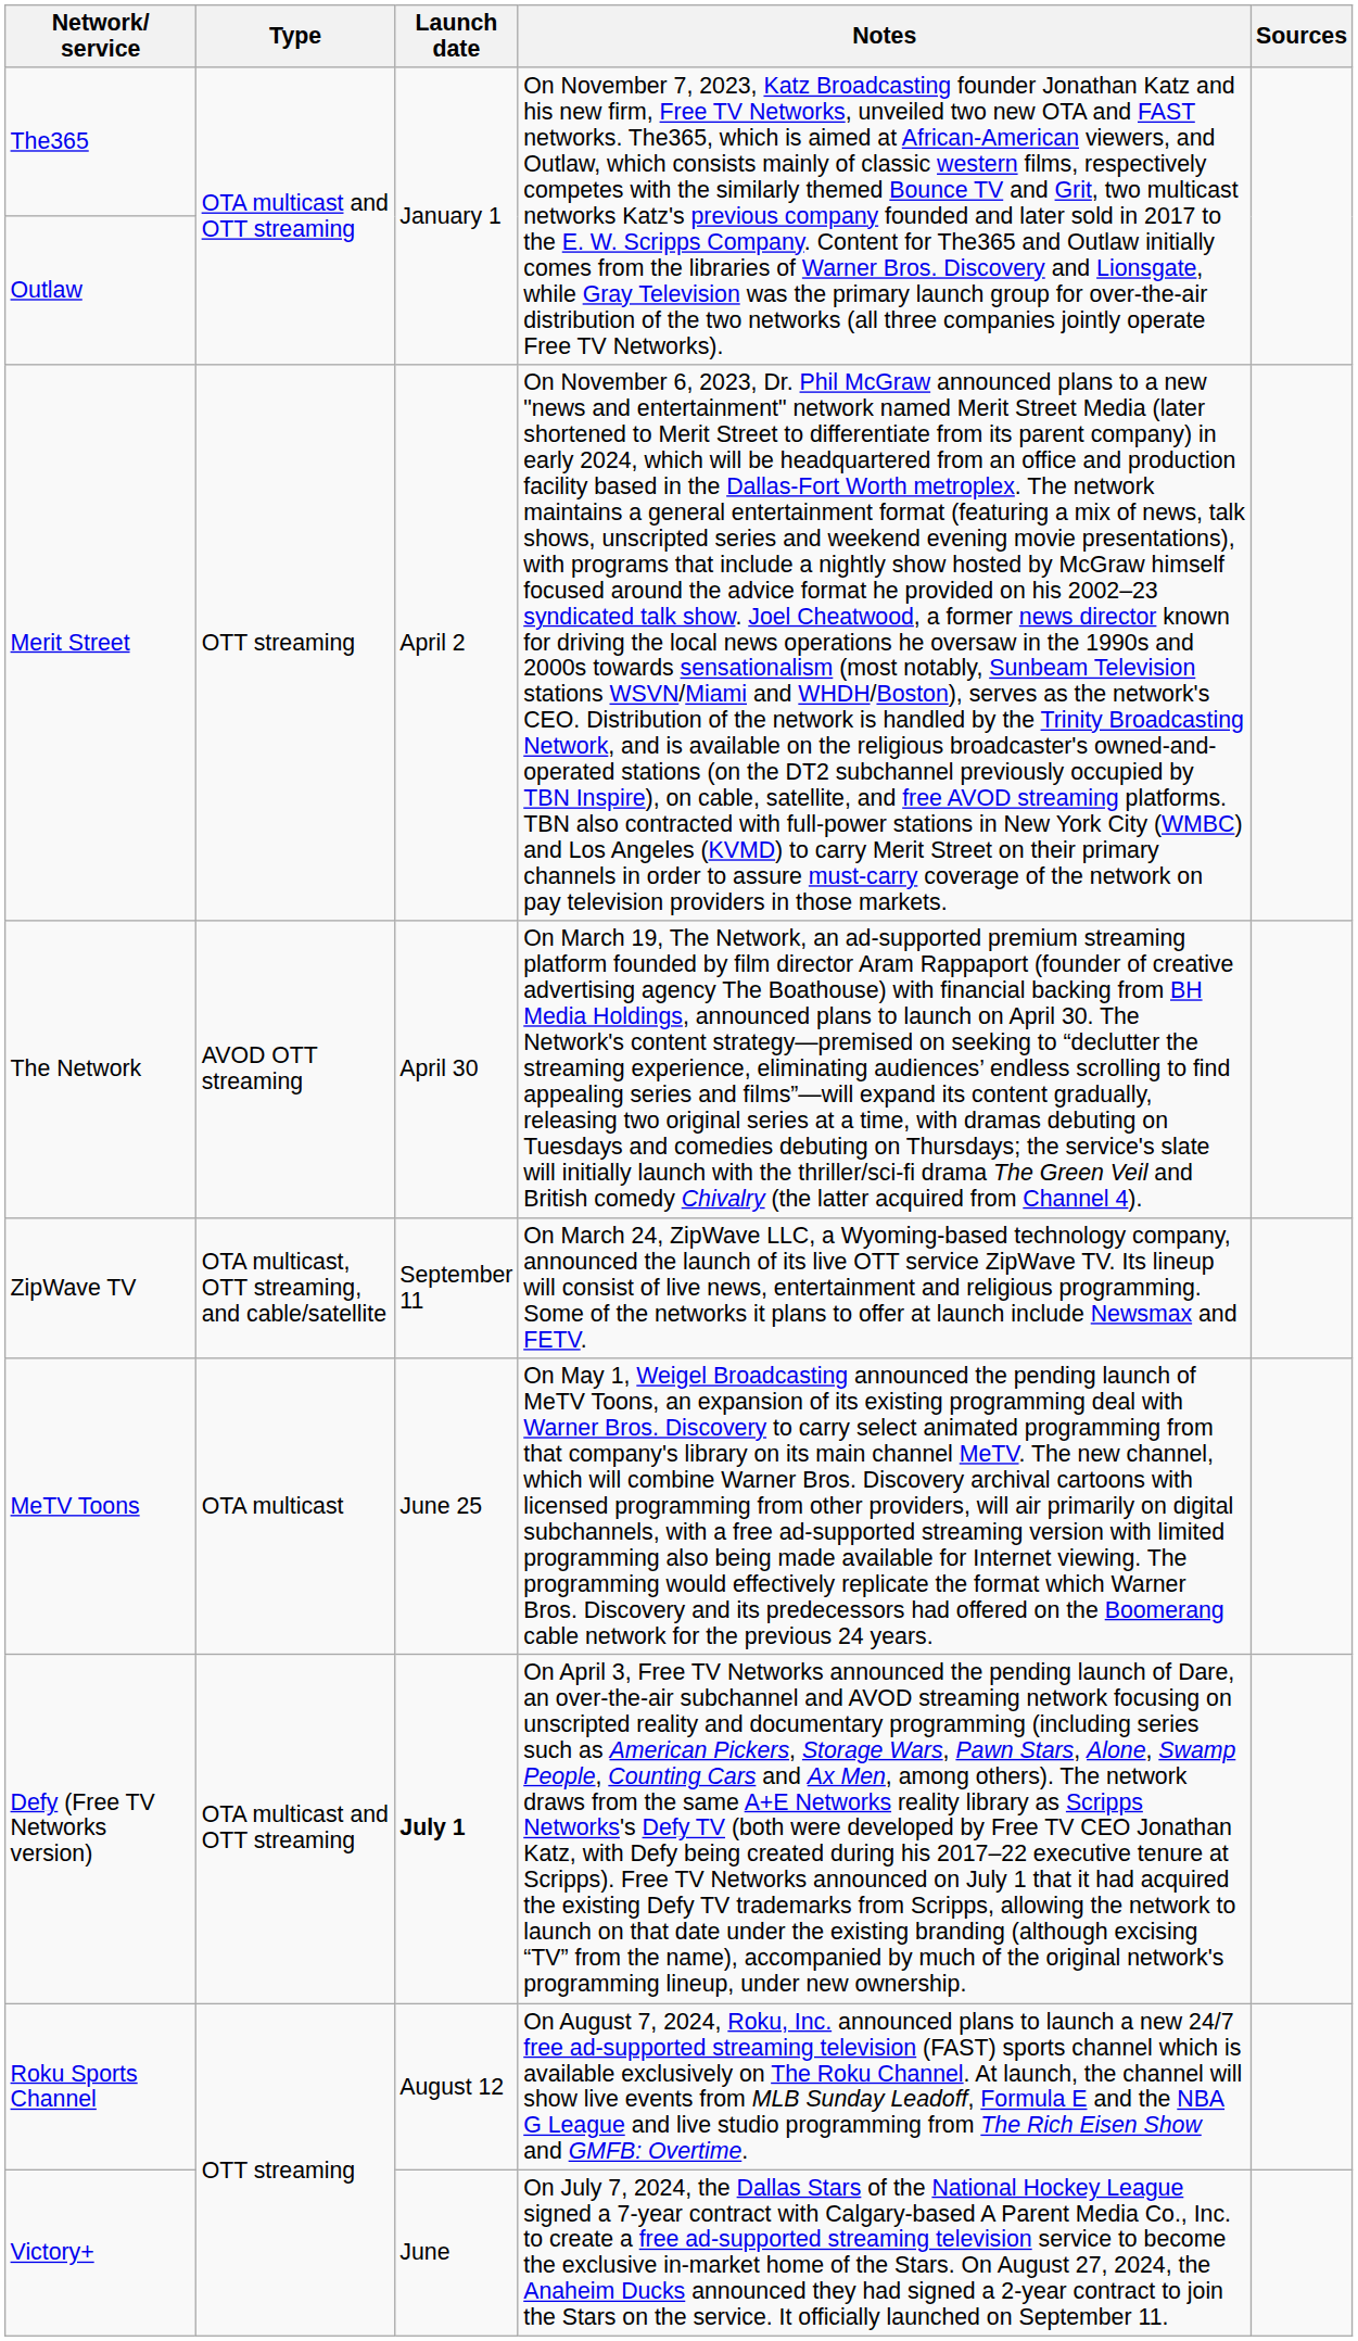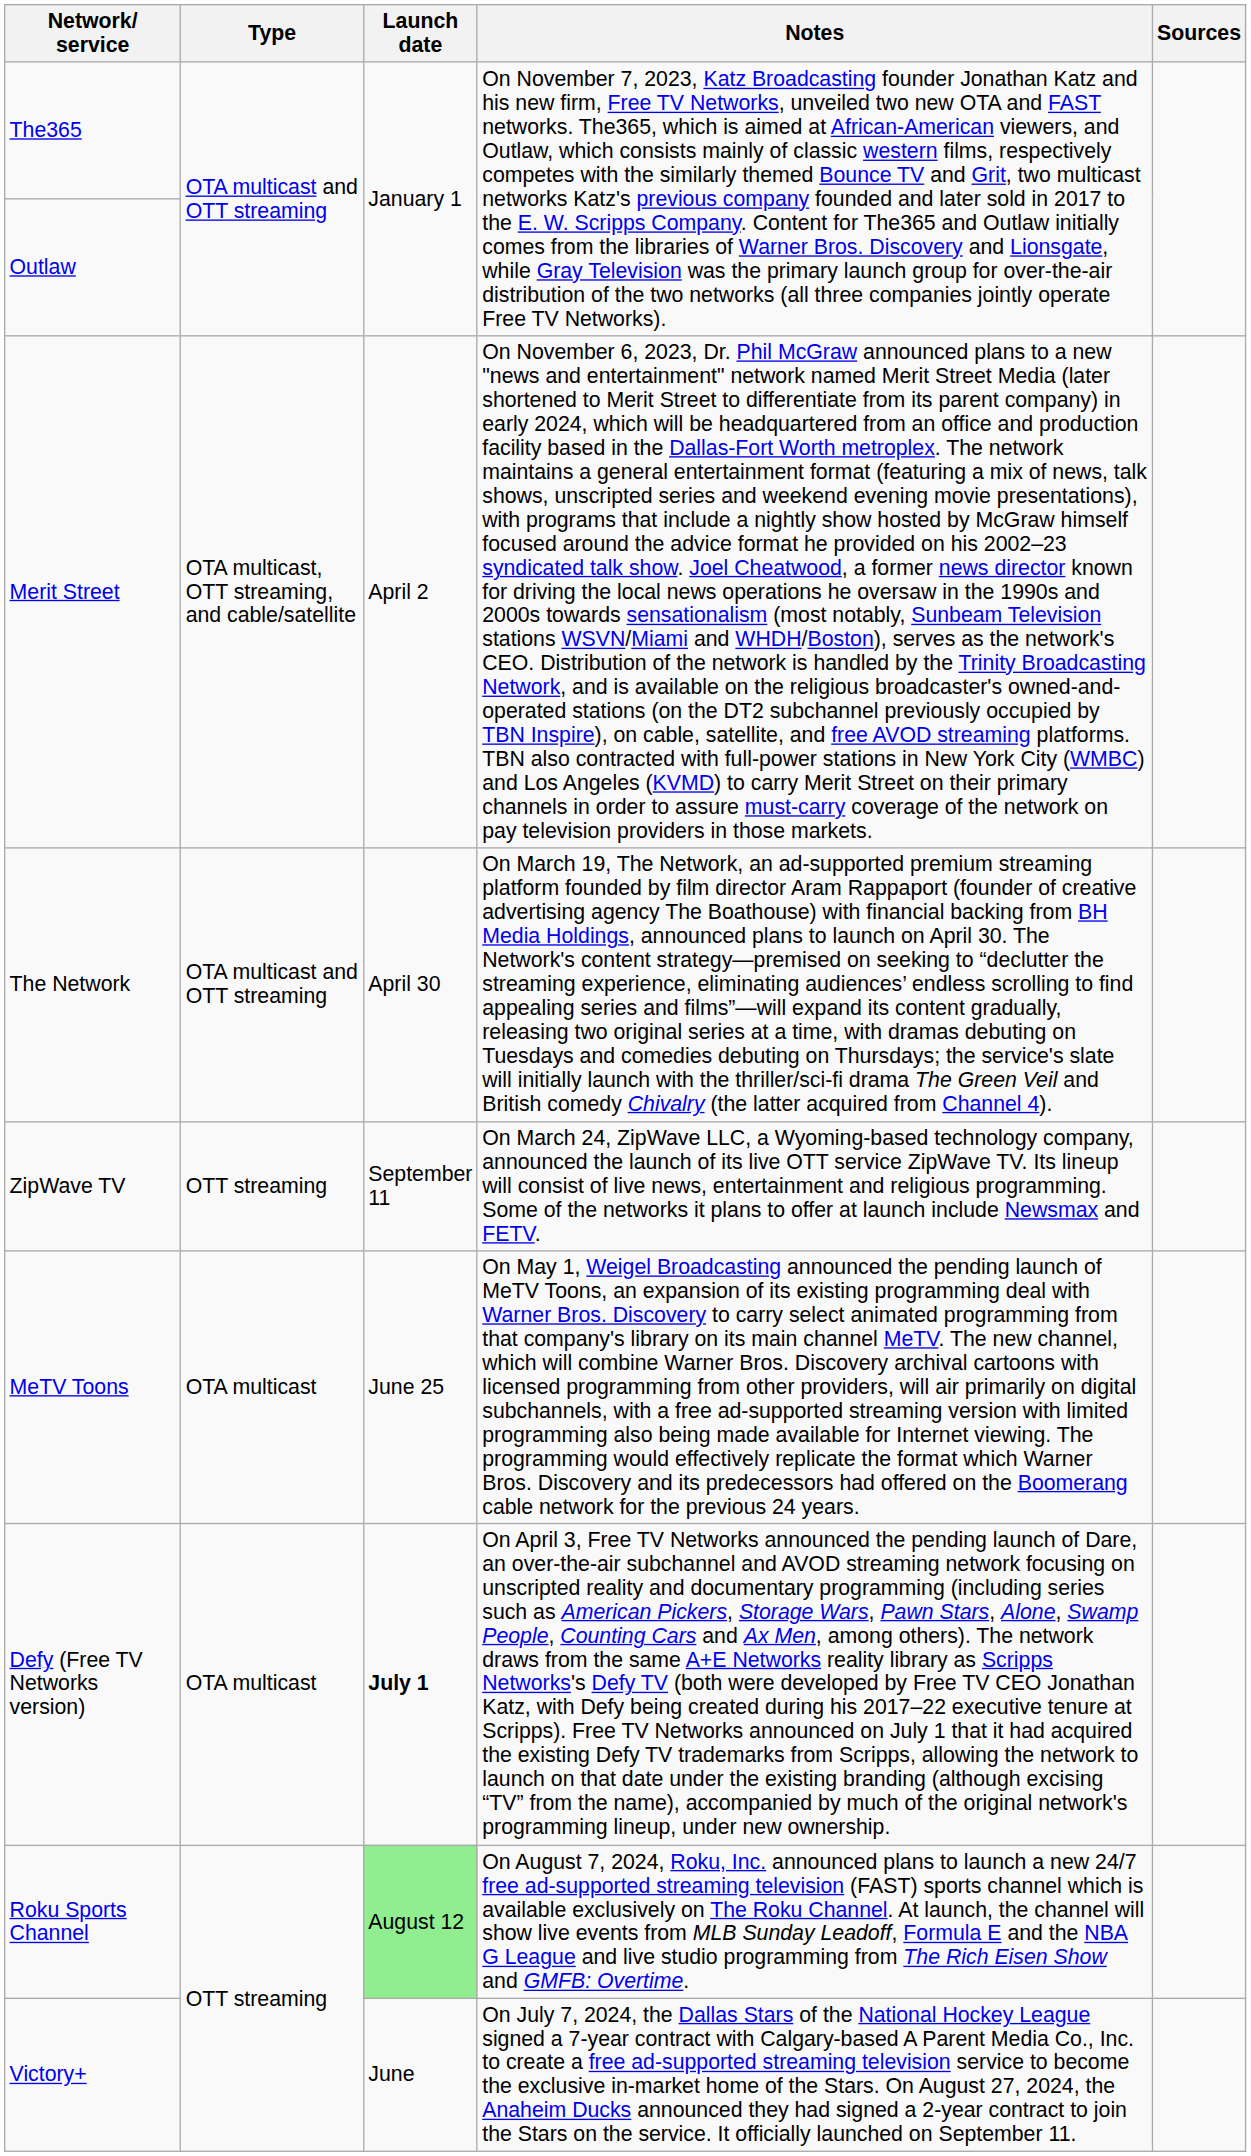 <table class="wikitable">
 <tr>
 <th style="text-align:center; width:125px">Network/<br>service</th>
 <th style="text-align:center; width:130px">Type</th>
 <th style="text-align:center; width:60px">Launch date</th>
 <th style="text-align:center; width:500px">Notes</th>
 <th style="text-align:center; width:30px">Sources</th>
 </tr>
 <tr>
 <td><a href='#'>The365</a></td>
 <td rowspan="2"><a href='#'>OTA multicast</a> and <a href='#'>OTT streaming</a></td>
 <td rowspan="2">January 1</td>
 <td rowspan="2">On November 7, 2023, <a href='#'>Katz Broadcasting</a> founder Jonathan Katz and his new firm, <a href='#'>Free TV Networks</a>, unveiled two new OTA and <a href='#'>FAST</a> networks. The365, which is aimed at <a href='#'>African-American</a> viewers, and Outlaw, which consists mainly of classic <a href='#'>western</a> films, respectively competes with the similarly themed <a href='#'>Bounce TV</a> and <a href='#'>Grit</a>, two multicast networks Katz's <a href='#'>previous company</a> founded and later sold in 2017 to the <a href='#'>E. W. Scripps Company</a>. Content for The365 and Outlaw initially comes from the libraries of <a href='#'>Warner Bros. Discovery</a> and <a href='#'>Lionsgate</a>, while <a href='#'>Gray Television</a> was the primary launch group for over-the-air distribution of the two networks (all three companies jointly operate Free TV Networks).</td>
 <td rowspan="2"></td>
 </tr>
 <tr>
 <td><a href='#'>Outlaw</a></td>
 </tr>
 <tr>
 <td><a href='#'>Merit Street</a></td>
-<td>OTT streaming</td>
+<td>OTA multicast, OTT streaming, and cable/satellite</td>
 <td>April 2<br></td>
 <td>On November 6, 2023, Dr. <a href='#'>Phil McGraw</a> announced plans to a new "news and entertainment" network named Merit Street Media (later shortened to Merit Street to differentiate from its parent company) in early 2024, which will be headquartered from an office and production facility based in the <a href='#'>Dallas-Fort Worth metroplex</a>. The network maintains a general entertainment format (featuring a mix of news, talk shows, unscripted series and weekend evening movie presentations), with programs that include a nightly show hosted by McGraw himself focused around the advice format he provided on his 2002–23 <a href='#'>syndicated talk show</a>. <a href='#'>Joel Cheatwood</a>, a former <a href='#'>news director</a> known for driving the local news operations he oversaw in the 1990s and 2000s towards <a href='#'>sensationalism</a> (most notably, <a href='#'>Sunbeam Television</a> stations <a href='#'>WSVN</a>/<a href='#'>Miami</a> and <a href='#'>WHDH</a>/<a href='#'>Boston</a>), serves as the network's CEO. Distribution of the network is handled by the <a href='#'>Trinity Broadcasting Network</a>, and is available on the religious broadcaster's owned-and-operated stations (on the DT2 subchannel previously occupied by <a href='#'>TBN Inspire</a>), on cable, satellite, and <a href='#'>free AVOD streaming</a> platforms. TBN also contracted with full-power stations in New York City (<a href='#'>WMBC</a>) and Los Angeles (<a href='#'>KVMD</a>) to carry Merit Street on their primary channels in order to assure <a href='#'>must-carry</a> coverage of the network on pay television providers in those markets.</td>
 <td><br></td>
 </tr>
 <tr>
 <td>The Network</td>
-<td>AVOD OTT streaming</td>
+<td>OTA multicast and OTT streaming</td>
 <td>April 30</td>
 <td>On March 19, The Network, an ad-supported premium streaming platform founded by film director Aram Rappaport (founder of creative advertising agency The Boathouse) with financial backing from <a href='#'>BH Media Holdings</a>, announced plans to launch on April 30. The Network's content strategy—premised on seeking to “declutter the streaming experience, eliminating audiences’ endless scrolling to find appealing series and films”—will expand its content gradually, releasing two original series at a time, with dramas debuting on Tuesdays and comedies debuting on Thursdays; the service's slate will initially launch with the thriller/sci-fi drama <em>The Green Veil</em> and British comedy <em><a href='#'>Chivalry</a></em> (the latter acquired from <a href='#'>Channel 4</a>).</td>
 <td></td>
 </tr>
 <tr>
 <td>ZipWave TV</td>
-<td>OTA multicast, OTT streaming, and cable/satellite</td>
+<td>OTT streaming</td>
 <td>September 11</td>
 <td>On March 24, ZipWave LLC, a Wyoming-based technology company, announced the launch of its live OTT service ZipWave TV. Its lineup will consist of live news, entertainment and religious programming. Some of the networks it plans to offer at launch include <a href='#'>Newsmax</a> and <a href='#'>FETV</a>.</td>
 <td></td>
 </tr>
 <tr>
 <td><a href='#'>MeTV Toons</a></td>
 <td>OTA multicast</td>
 <td>June 25</td>
 <td>On May 1, <a href='#'>Weigel Broadcasting</a> announced the pending launch of MeTV Toons, an expansion of its existing programming deal with <a href='#'>Warner Bros. Discovery</a> to carry select animated programming from that company's library on its main channel <a href='#'>MeTV</a>. The new channel, which will combine Warner Bros. Discovery archival cartoons with licensed programming from other providers, will air primarily on digital subchannels, with a free ad-supported streaming version with limited programming also being made available for Internet viewing. The programming would effectively replicate the format which Warner Bros. Discovery and its predecessors had offered on the <a href='#'>Boomerang</a> cable network for the previous 24 years.</td>
 <td></td>
 </tr>
 <tr>
 <td><a href='#'>Defy</a> (Free TV Networks version)</td>
-<td>OTA multicast and OTT streaming</td>
+<td>OTA multicast</td>
 <td><strong>July 1</strong></td>
 <td>On April 3, Free TV Networks announced the pending launch of Dare, an over-the-air subchannel and AVOD streaming network focusing on unscripted reality and documentary programming (including series such as <em><a href='#'>American Pickers</a></em>, <em><a href='#'>Storage Wars</a></em>, <em><a href='#'>Pawn Stars</a></em>, <em><a href='#'>Alone</a></em>, <em><a href='#'>Swamp People</a></em>, <em><a href='#'>Counting Cars</a></em> and <em><a href='#'>Ax Men</a></em>, among others). The network draws from the same <a href='#'>A+E Networks</a> reality library as <a href='#'>Scripps Networks</a>'s <a href='#'>Defy TV</a> (both were developed by Free TV CEO Jonathan Katz, with Defy being created during his 2017–22 executive tenure at Scripps). Free TV Networks announced on July 1 that it had acquired the existing Defy TV trademarks from Scripps, allowing the network to launch on that date under the existing branding (although excising “TV” from the name), accompanied by much of the original network's programming lineup, under new ownership.</td>
 <td><br></td>
 </tr>
 <tr>
 <td><a href='#'>Roku Sports Channel</a></td>
 <td rowspan=2>OTT streaming</td>
-<td>August 12</td>
+<td style="background: lightgreen;">August 12</td>
 <td>On August 7, 2024, <a href='#'>Roku, Inc.</a> announced plans to launch a new 24/7 <a href='#'>free ad-supported streaming television</a> (FAST) sports channel which is available exclusively on <a href='#'>The Roku Channel</a>. At launch, the channel will show live events from <em>MLB Sunday Leadoff</em>, <a href='#'>Formula E</a> and the <a href='#'>NBA G League</a> and live studio programming from <a href='#'><em>The Rich Eisen Show</em></a> and <a href='#'><em>GMFB: Overtime</em></a>.</td>
 <td></td>
 </tr>
 <tr>
 <td><a href='#'>Victory+</a></td>
 <td>June</td>
 <td>On July 7, 2024, the <a href='#'>Dallas Stars</a> of the <a href='#'>National Hockey League</a> signed a 7-year contract with Calgary-based A Parent Media Co., Inc.  to create a <a href='#'>free ad-supported streaming television</a> service to become the exclusive in-market home of the Stars. On August 27, 2024, the <a href='#'>Anaheim Ducks</a> announced they had signed a 2-year contract to join the Stars on the service. It officially launched on September 11.</td>
 <td></td>
 </tr>
 </table>
